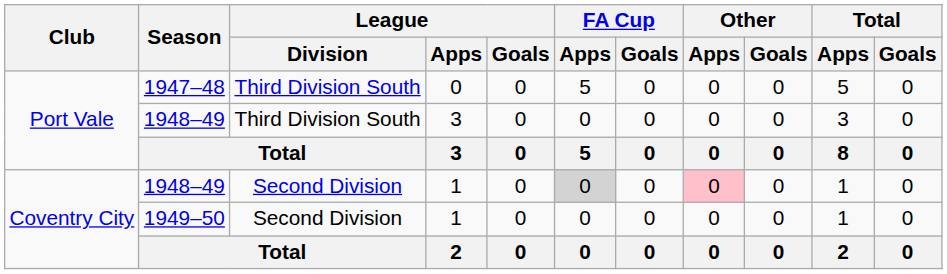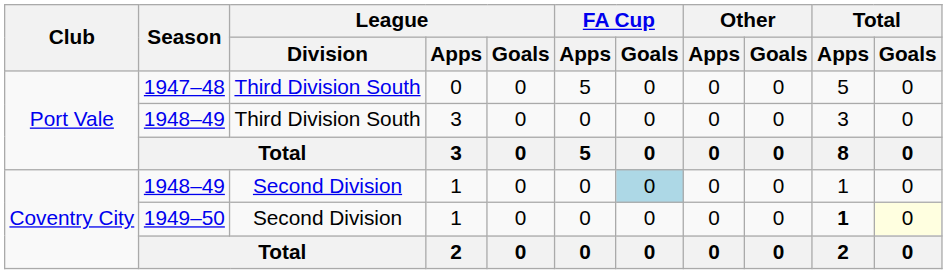 <table class="wikitable" style="text-align:center">
 <tr>
 <th rowspan="2">Club</th>
 <th rowspan="2">Season</th>
 <th colspan="3">League</th>
 <th colspan="2"><a href='#'>FA Cup</a></th>
 <th colspan="2">Other</th>
 <th colspan="2">Total</th>
 </tr>
 <tr>
 <th>Division</th>
 <th>Apps</th>
 <th>Goals</th>
 <th>Apps</th>
 <th>Goals</th>
 <th>Apps</th>
 <th>Goals</th>
 <th>Apps</th>
 <th>Goals</th>
 </tr>
 <tr>
 <td rowspan="3"><a href='#'>Port Vale</a></td>
 <td><a href='#'>1947–48</a></td>
 <td><a href='#'>Third Division South</a></td>
 <td>0</td>
 <td>0</td>
 <td>5</td>
 <td>0</td>
 <td>0</td>
 <td>0</td>
 <td>5</td>
 <td>0</td>
 </tr>
 <tr>
 <td><a href='#'>1948–49</a></td>
 <td>Third Division South</td>
 <td>3</td>
 <td>0</td>
 <td>0</td>
 <td>0</td>
 <td>0</td>
 <td>0</td>
 <td>3</td>
 <td>0</td>
 </tr>
 <tr>
 <th colspan="2">Total</th>
 <th>3</th>
 <th>0</th>
 <th>5</th>
 <th>0</th>
 <th>0</th>
 <th>0</th>
 <th>8</th>
 <th>0</th>
 </tr>
 <tr>
 <td rowspan="3"><a href='#'>Coventry City</a></td>
 <td><a href='#'>1948–49</a></td>
 <td><a href='#'>Second Division</a></td>
 <td>1</td>
 <td>0</td>
-<td style="background: lightgrey;">0</td>
 <td>0</td>
-<td style="background: pink;">0</td>
+<td style="background: lightblue;">0</td>
+<td>0</td>
 <td>0</td>
 <td>1</td>
 <td>0</td>
 </tr>
 <tr>
 <td><a href='#'>1949–50</a></td>
 <td>Second Division</td>
 <td>1</td>
 <td>0</td>
 <td>0</td>
 <td>0</td>
 <td>0</td>
 <td>0</td>
-<td>1</td>
-<td>0</td>
+<td><strong>1</strong></td>
+<td style="background: lightyellow;">0</td>
 </tr>
 <tr>
 <th colspan="2">Total</th>
 <th>2</th>
 <th>0</th>
 <th>0</th>
 <th>0</th>
 <th>0</th>
 <th>0</th>
 <th>2</th>
 <th>0</th>
 </tr>
 </table>
